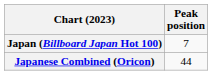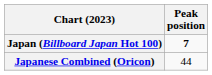 <table class="wikitable sortable plainrowheaders" style="text-align:center">
 <tr>
 <th scope="col">Chart (2023)</th>
 <th scope="col">Peak<br>position</th>
 </tr>
 <tr>
 <th scope="row">Japan (<a href='#'><em>Billboard Japan</em> Hot 100</a>)</th>
-<td>7</td>
+<td><strong>7</strong></td>
 </tr>
 <tr>
 <th scope="row"><a href='#'>Japanese Combined</a> (<a href='#'>Oricon</a>)</th>
 <td>44</td>
 </tr>
 </table>
